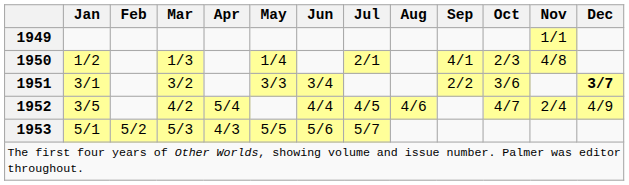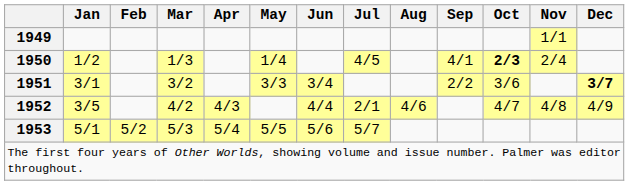 <table class="wikitable" style="font-size: 10pt; line-height: 11pt; margin-right: 2em; text-align: center; float: left">
 <tr>
 <th></th>
 <th>Jan</th>
 <th>Feb</th>
 <th>Mar</th>
 <th>Apr</th>
 <th>May</th>
 <th>Jun</th>
 <th>Jul</th>
 <th>Aug</th>
 <th>Sep</th>
 <th>Oct</th>
 <th>Nov</th>
 <th>Dec</th>
 </tr>
 <tr>
 <th>1949</th>
 <td></td>
 <td></td>
 <td></td>
 <td></td>
 <td></td>
 <td></td>
 <td></td>
 <td></td>
 <td></td>
 <td></td>
 <td style="background-color:#ffff99">1/1</td>
 <td></td>
 </tr>
 <tr>
 <th>1950</th>
 <td style="background-color:#ffff99">1/2</td>
 <td></td>
 <td style="background-color:#ffff99">1/3</td>
 <td></td>
 <td style="background-color:#ffff99">1/4</td>
 <td></td>
-<td style="background-color:#ffff99">2/1</td>
+<td style="background-color:#ffff99">4/5</td>
 <td></td>
 <td style="background-color:#ffff99">4/1</td>
-<td style="background-color:#ffff99">2/3</td>
-<td style="background-color:#ffff99">4/8</td>
+<td style="background-color:#ffff99"><strong>2/3</strong></td>
+<td style="background-color:#ffff99">2/4</td>
 <td></td>
 </tr>
 <tr>
 <th>1951</th>
 <td style="background-color:#ffff99">3/1</td>
 <td></td>
 <td style="background-color:#ffff99">3/2</td>
 <td></td>
 <td style="background-color:#ffff99">3/3</td>
 <td style="background-color:#ffff99">3/4</td>
 <td></td>
 <td></td>
 <td style="background-color:#ffff99">2/2</td>
 <td style="background-color:#ffff99">3/6</td>
 <td></td>
 <td style="background-color:#ffff99"><strong>3/7</strong></td>
 </tr>
 <tr>
 <th>1952</th>
 <td style="background-color:#ffff99">3/5</td>
 <td></td>
 <td style="background-color:#ffff99">4/2</td>
-<td style="background-color:#ffff99">5/4</td>
+<td style="background-color:#ffff99">4/3</td>
 <td></td>
 <td style="background-color:#ffff99">4/4</td>
-<td style="background-color:#ffff99">4/5</td>
+<td style="background-color:#ffff99">2/1</td>
 <td style="background-color:#ffff99">4/6</td>
 <td></td>
 <td style="background-color:#ffff99">4/7</td>
-<td style="background-color:#ffff99">2/4</td>
+<td style="background-color:#ffff99">4/8</td>
 <td style="background-color:#ffff99">4/9</td>
 </tr>
 <tr>
 <th>1953</th>
 <td style="background-color:#ffff99">5/1</td>
 <td style="background-color:#ffff99">5/2</td>
 <td style="background-color:#ffff99">5/3</td>
-<td style="background-color:#ffff99">4/3</td>
+<td style="background-color:#ffff99">5/4</td>
 <td style="background-color:#ffff99">5/5</td>
 <td style="background-color:#ffff99">5/6</td>
 <td style="background-color:#ffff99">5/7</td>
 <td></td>
 <td></td>
 <td></td>
 <td></td>
 <td></td>
 </tr>
 <tr>
 <td colspan="13" style="font-size: 8pt; text-align:left">The first four years of <em>Other Worlds</em>, showing volume and issue number.  Palmer was editor<br>throughout.</td>
 </tr>
 </table>
